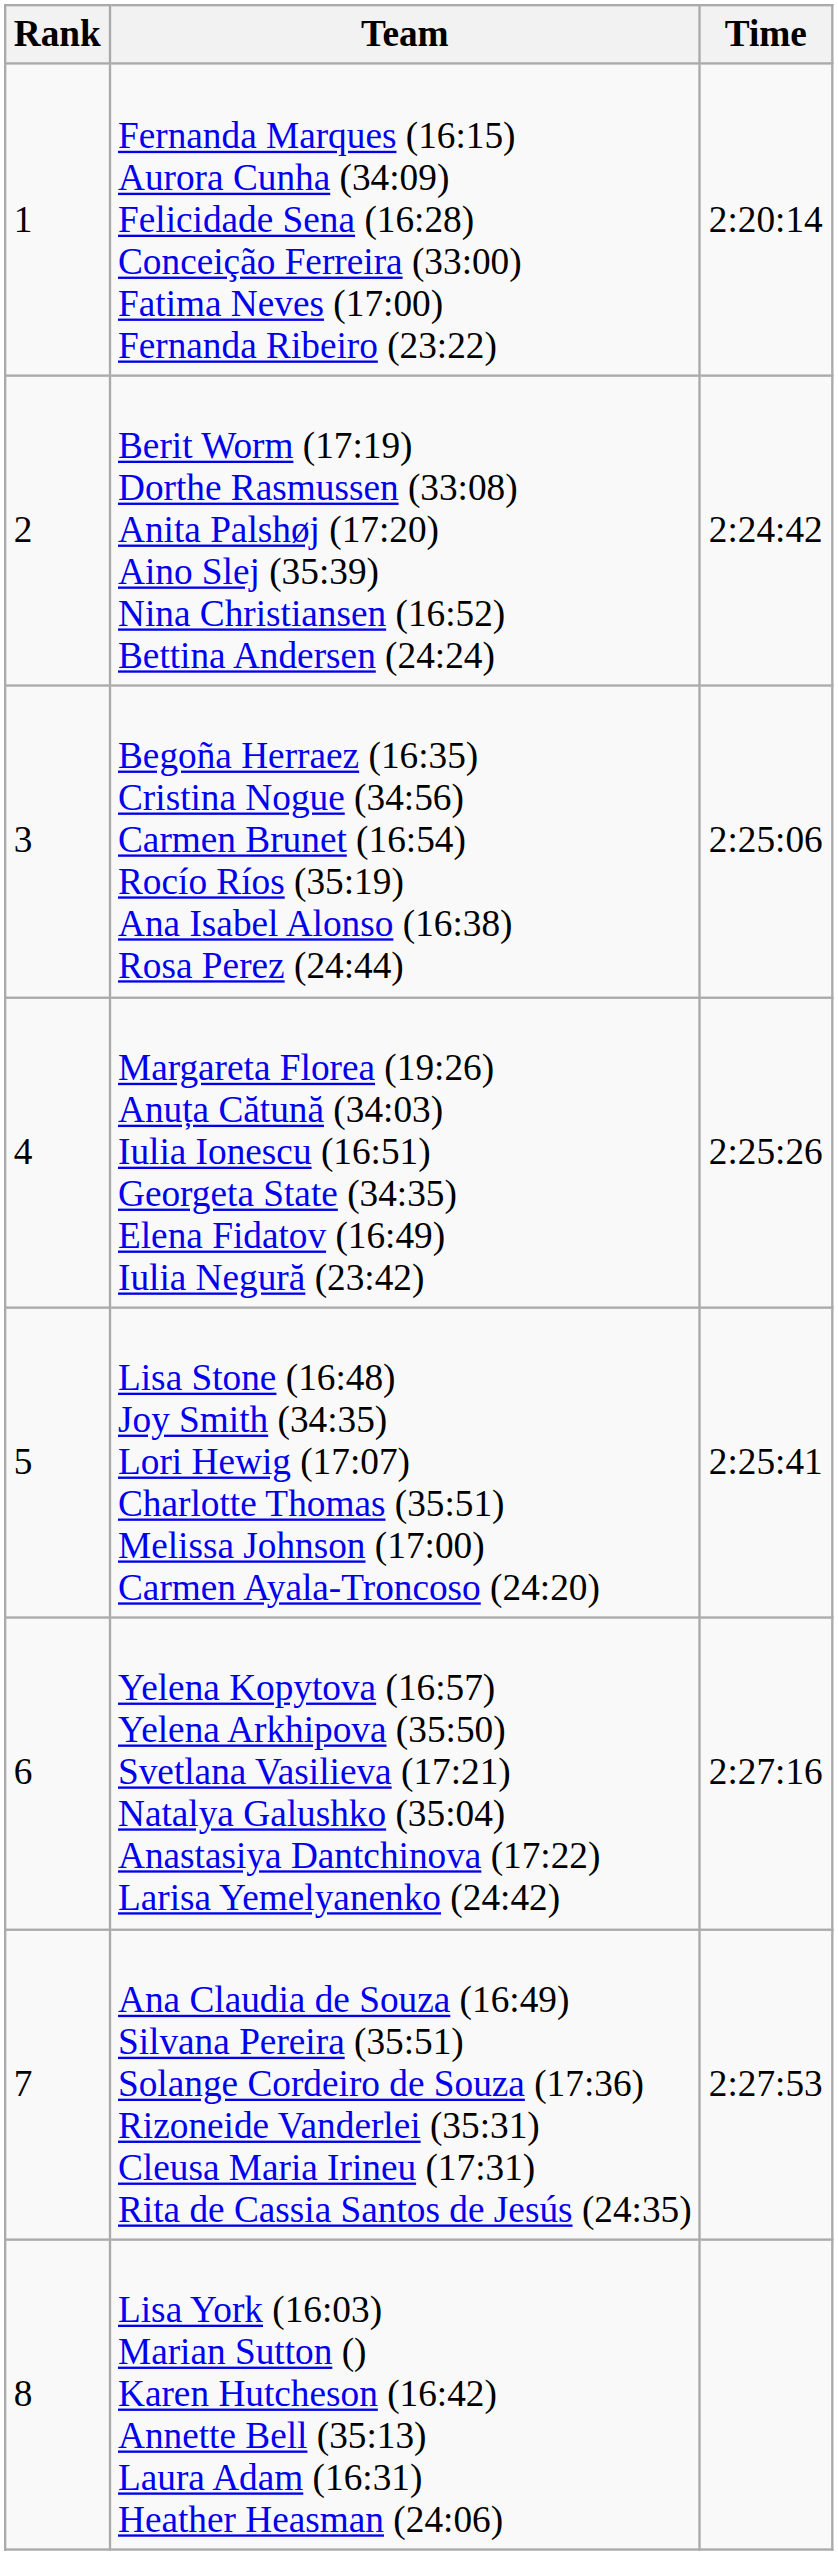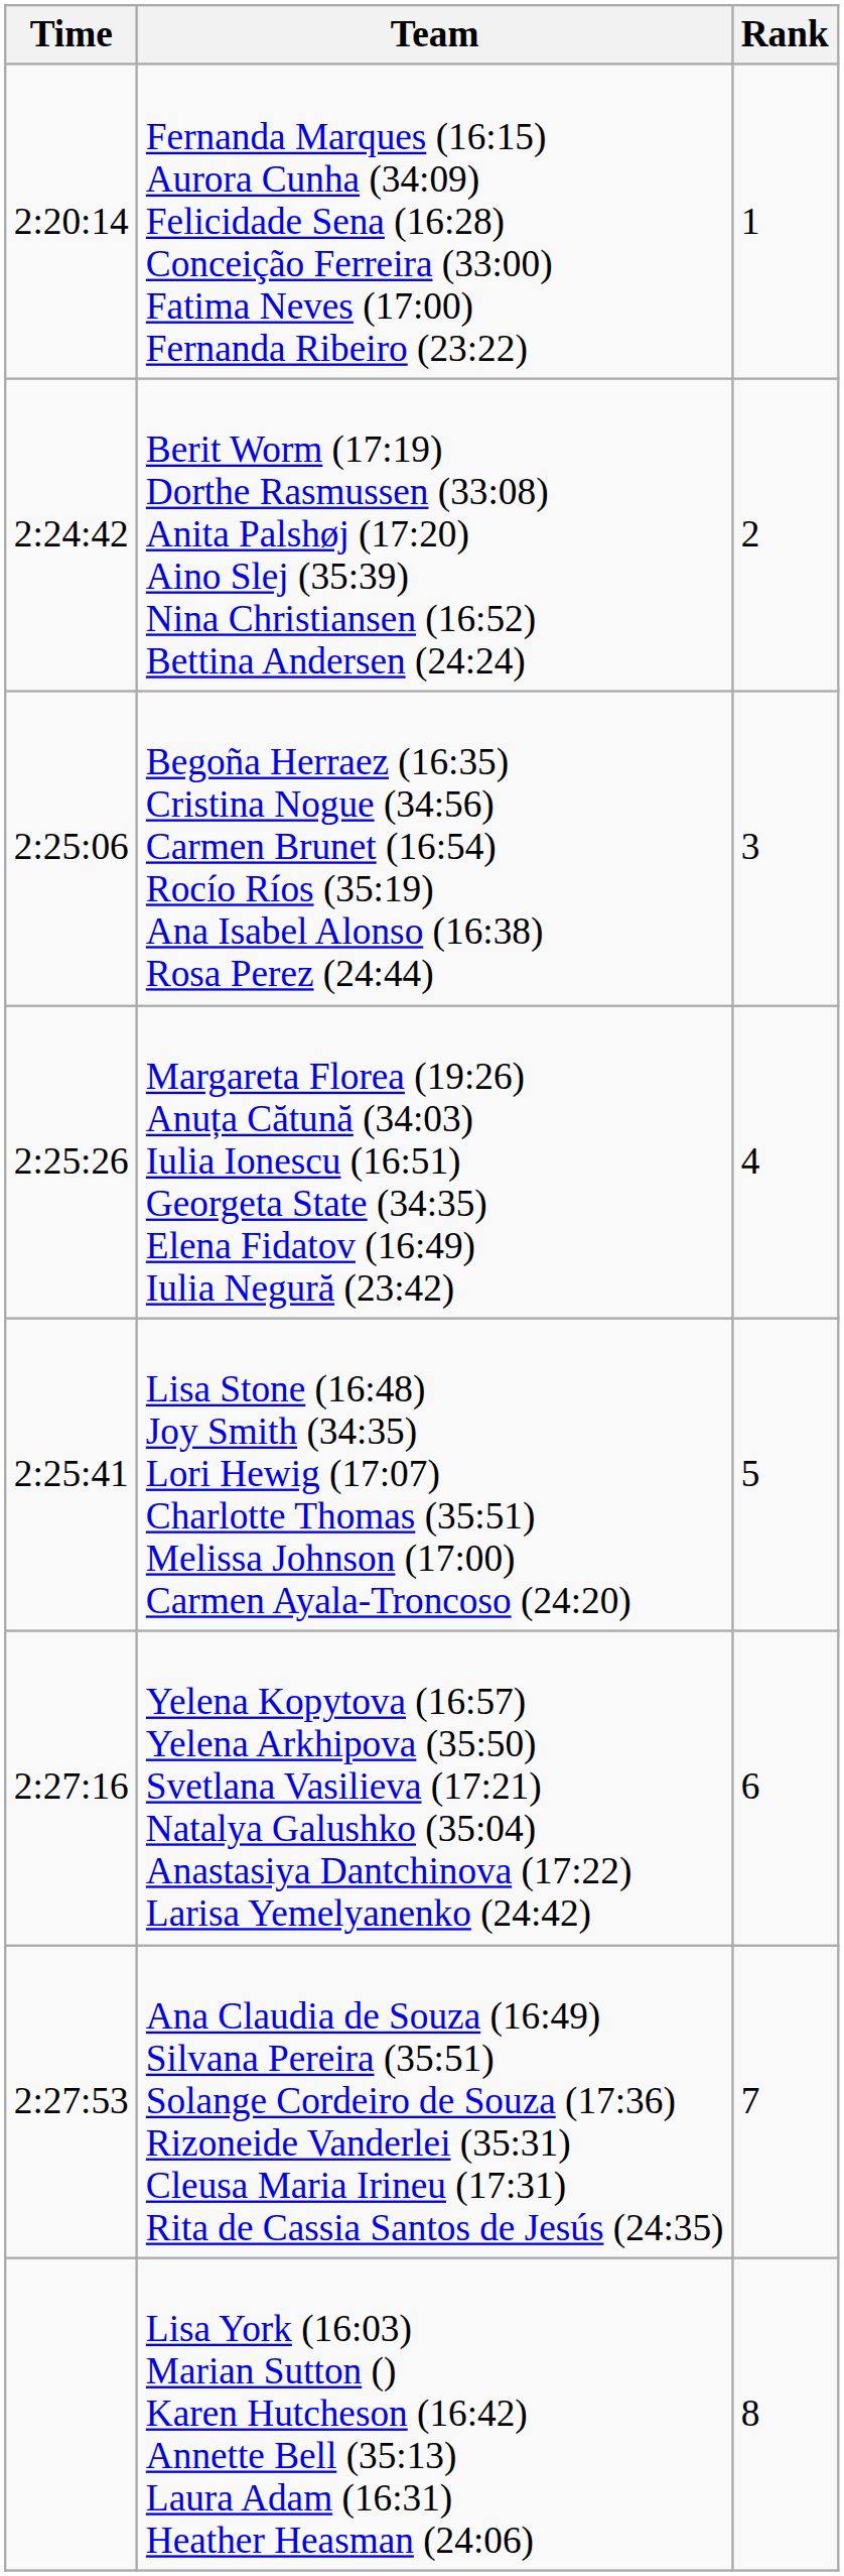 <table class=wikitable>
 <tr>
+<th>Time</th>
+<th>Team</th>
 <th>Rank</th>
-<th>Team</th>
-<th>Time</th>
 </tr>
 <tr>
+<td>2:20:14</td>
+<td><br><a href='#'>Fernanda Marques</a> (16:15)<br><a href='#'>Aurora Cunha</a> (34:09)<br><a href='#'>Felicidade Sena</a> (16:28)<br><a href='#'>Conceição Ferreira</a> (33:00)<br><a href='#'>Fatima Neves</a> (17:00)<br><a href='#'>Fernanda Ribeiro</a> (23:22)</td>
 <td>1</td>
-<td><br><a href='#'>Fernanda Marques</a> (16:15)<br><a href='#'>Aurora Cunha</a> (34:09)<br><a href='#'>Felicidade Sena</a> (16:28)<br><a href='#'>Conceição Ferreira</a> (33:00)<br><a href='#'>Fatima Neves</a> (17:00)<br><a href='#'>Fernanda Ribeiro</a> (23:22)</td>
-<td>2:20:14</td>
 </tr>
 <tr>
+<td>2:24:42</td>
+<td><br><a href='#'>Berit Worm</a> (17:19)<br><a href='#'>Dorthe Rasmussen</a> (33:08)<br><a href='#'>Anita Palshøj</a> (17:20)<br><a href='#'>Aino Slej</a> (35:39)<br><a href='#'>Nina Christiansen</a> (16:52)<br><a href='#'>Bettina Andersen</a> (24:24)</td>
 <td>2</td>
-<td><br><a href='#'>Berit Worm</a> (17:19)<br><a href='#'>Dorthe Rasmussen</a> (33:08)<br><a href='#'>Anita Palshøj</a> (17:20)<br><a href='#'>Aino Slej</a> (35:39)<br><a href='#'>Nina Christiansen</a> (16:52)<br><a href='#'>Bettina Andersen</a> (24:24)</td>
-<td>2:24:42</td>
 </tr>
 <tr>
+<td>2:25:06</td>
+<td><br><a href='#'>Begoña Herraez</a> (16:35)<br><a href='#'>Cristina Nogue</a> (34:56)<br><a href='#'>Carmen Brunet</a> (16:54)<br><a href='#'>Rocío Ríos</a> (35:19)<br><a href='#'>Ana Isabel Alonso</a> (16:38)<br><a href='#'>Rosa Perez</a> (24:44)</td>
 <td>3</td>
-<td><br><a href='#'>Begoña Herraez</a> (16:35)<br><a href='#'>Cristina Nogue</a> (34:56)<br><a href='#'>Carmen Brunet</a> (16:54)<br><a href='#'>Rocío Ríos</a> (35:19)<br><a href='#'>Ana Isabel Alonso</a> (16:38)<br><a href='#'>Rosa Perez</a> (24:44)</td>
-<td>2:25:06</td>
 </tr>
 <tr>
+<td>2:25:26</td>
+<td><br><a href='#'>Margareta Florea</a> (19:26)<br><a href='#'>Anuța Cătună</a> (34:03)<br><a href='#'>Iulia Ionescu</a> (16:51)<br><a href='#'>Georgeta State</a> (34:35)<br><a href='#'>Elena Fidatov</a> (16:49)<br><a href='#'>Iulia Negură</a> (23:42)</td>
 <td>4</td>
-<td><br><a href='#'>Margareta Florea</a> (19:26)<br><a href='#'>Anuța Cătună</a> (34:03)<br><a href='#'>Iulia Ionescu</a> (16:51)<br><a href='#'>Georgeta State</a> (34:35)<br><a href='#'>Elena Fidatov</a> (16:49)<br><a href='#'>Iulia Negură</a> (23:42)</td>
-<td>2:25:26</td>
 </tr>
 <tr>
+<td>2:25:41</td>
+<td><br><a href='#'>Lisa Stone</a> (16:48)<br><a href='#'>Joy Smith</a> (34:35)<br><a href='#'>Lori Hewig</a> (17:07)<br><a href='#'>Charlotte Thomas</a> (35:51)<br><a href='#'>Melissa Johnson</a> (17:00)<br><a href='#'>Carmen Ayala-Troncoso</a> (24:20)</td>
 <td>5</td>
-<td><br><a href='#'>Lisa Stone</a> (16:48)<br><a href='#'>Joy Smith</a> (34:35)<br><a href='#'>Lori Hewig</a> (17:07)<br><a href='#'>Charlotte Thomas</a> (35:51)<br><a href='#'>Melissa Johnson</a> (17:00)<br><a href='#'>Carmen Ayala-Troncoso</a> (24:20)</td>
-<td>2:25:41</td>
 </tr>
 <tr>
+<td>2:27:16</td>
+<td><br><a href='#'>Yelena Kopytova</a> (16:57)<br><a href='#'>Yelena Arkhipova</a> (35:50)<br><a href='#'>Svetlana Vasilieva</a> (17:21)<br><a href='#'>Natalya Galushko</a> (35:04)<br><a href='#'>Anastasiya Dantchinova</a> (17:22)<br><a href='#'>Larisa Yemelyanenko</a> (24:42)</td>
 <td>6</td>
-<td><br><a href='#'>Yelena Kopytova</a> (16:57)<br><a href='#'>Yelena Arkhipova</a> (35:50)<br><a href='#'>Svetlana Vasilieva</a> (17:21)<br><a href='#'>Natalya Galushko</a> (35:04)<br><a href='#'>Anastasiya Dantchinova</a> (17:22)<br><a href='#'>Larisa Yemelyanenko</a> (24:42)</td>
-<td>2:27:16</td>
 </tr>
 <tr>
+<td>2:27:53</td>
+<td><br><a href='#'>Ana Claudia de Souza</a> (16:49)<br><a href='#'>Silvana Pereira</a> (35:51)<br><a href='#'>Solange Cordeiro de Souza</a> (17:36)<br><a href='#'>Rizoneide Vanderlei</a> (35:31)<br><a href='#'>Cleusa Maria Irineu</a> (17:31)<br><a href='#'>Rita de Cassia Santos de Jesús</a> (24:35)</td>
 <td>7</td>
-<td><br><a href='#'>Ana Claudia de Souza</a> (16:49)<br><a href='#'>Silvana Pereira</a> (35:51)<br><a href='#'>Solange Cordeiro de Souza</a> (17:36)<br><a href='#'>Rizoneide Vanderlei</a> (35:31)<br><a href='#'>Cleusa Maria Irineu</a> (17:31)<br><a href='#'>Rita de Cassia Santos de Jesús</a> (24:35)</td>
-<td>2:27:53</td>
 </tr>
 <tr>
+<td></td>
+<td><br><a href='#'>Lisa York</a> (16:03)<br><a href='#'>Marian Sutton</a> ()<br><a href='#'>Karen Hutcheson</a> (16:42)<br><a href='#'>Annette Bell</a> (35:13)<br><a href='#'>Laura Adam</a> (16:31)<br><a href='#'>Heather Heasman</a> (24:06)</td>
 <td>8</td>
-<td><br><a href='#'>Lisa York</a> (16:03)<br><a href='#'>Marian Sutton</a> ()<br><a href='#'>Karen Hutcheson</a> (16:42)<br><a href='#'>Annette Bell</a> (35:13)<br><a href='#'>Laura Adam</a> (16:31)<br><a href='#'>Heather Heasman</a> (24:06)</td>
-<td></td>
 </tr>
 </table>
